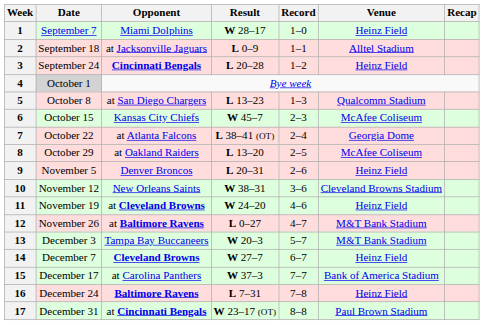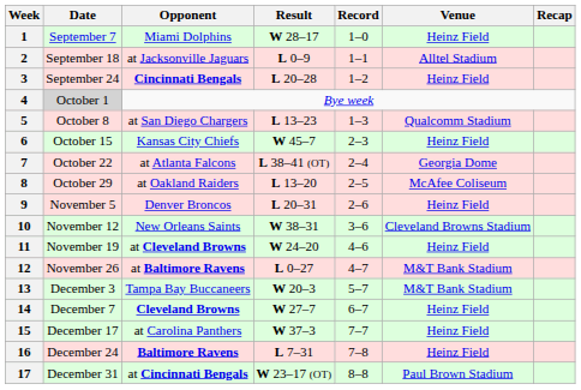 <table class="wikitable" style="text-align:center">
 <tr>
 <th>Week</th>
 <th>Date</th>
 <th>Opponent</th>
 <th>Result</th>
 <th>Record</th>
 <th>Venue</th>
 <th>Recap</th>
 </tr>
 <tr style="background: #ddffdd;">
 <th>1</th>
 <td><a href='#'>September 7</a></td>
 <td><a href='#'>Miami Dolphins</a></td>
 <td><strong>W</strong> 28–17</td>
 <td>1–0</td>
 <td><a href='#'>Heinz Field</a></td>
 <td></td>
 </tr>
 <tr style="background:#ffdddd;">
 <th>2</th>
 <td>September 18</td>
 <td>at <a href='#'>Jacksonville Jaguars</a></td>
 <td><strong>L</strong> 0–9</td>
 <td>1–1</td>
 <td><a href='#'>Alltel Stadium</a></td>
 <td></td>
 </tr>
 <tr style="background:#ffdddd;">
 <th>3</th>
 <td>September 24</td>
 <td><strong><a href='#'>Cincinnati Bengals</a></strong></td>
 <td><strong>L</strong> 20–28</td>
 <td>1–2</td>
 <td><a href='#'>Heinz Field</a></td>
 <td></td>
 </tr>
 <tr>
 <th>4</th>
 <td style="background: lightgrey;">October 1</td>
 <td colspan="7" align="center"><em><a href='#'>Bye week</a></em></td>
 </tr>
 <tr style="background:#ffdddd;">
 <th>5</th>
 <td>October 8</td>
 <td>at <a href='#'>San Diego Chargers</a></td>
 <td><strong>L</strong> 13–23</td>
 <td>1–3</td>
 <td><a href='#'>Qualcomm Stadium</a></td>
 <td></td>
 </tr>
 <tr style="background: #ddffdd;">
 <th>6</th>
 <td>October 15</td>
 <td><a href='#'>Kansas City Chiefs</a></td>
 <td><strong>W</strong> 45–7</td>
 <td>2–3</td>
-<td><a href='#'>McAfee Coliseum</a></td>
+<td><a href='#'>Heinz Field</a></td>
 <td></td>
 </tr>
 <tr style="background:#ffdddd;">
 <th>7</th>
 <td>October 22</td>
 <td>at <a href='#'>Atlanta Falcons</a></td>
 <td><strong>L</strong> 38–41 <small>(OT)</small></td>
 <td>2–4</td>
 <td><a href='#'>Georgia Dome</a></td>
 <td></td>
 </tr>
 <tr style="background:#ffdddd;">
 <th>8</th>
 <td>October 29</td>
 <td>at <a href='#'>Oakland Raiders</a></td>
 <td><strong>L</strong> 13–20</td>
 <td>2–5</td>
 <td><a href='#'>McAfee Coliseum</a></td>
 <td></td>
 </tr>
 <tr style="background:#ffdddd;">
 <th>9</th>
 <td>November 5</td>
 <td><a href='#'>Denver Broncos</a></td>
 <td><strong>L</strong> 20–31</td>
 <td>2–6</td>
 <td><a href='#'>Heinz Field</a></td>
 <td></td>
 </tr>
 <tr style="background: #ddffdd;">
 <th>10</th>
 <td>November 12</td>
 <td><a href='#'>New Orleans Saints</a></td>
 <td><strong>W</strong> 38–31</td>
 <td>3–6</td>
 <td><a href='#'>Cleveland Browns Stadium</a></td>
 <td></td>
 </tr>
 <tr style="background: #ddffdd;">
 <th>11</th>
 <td>November 19</td>
 <td>at <strong><a href='#'>Cleveland Browns</a></strong></td>
 <td><strong>W</strong> 24–20</td>
 <td>4–6</td>
 <td><a href='#'>Heinz Field</a></td>
 <td></td>
 </tr>
 <tr style="background:#ffdddd;">
 <th>12</th>
 <td>November 26</td>
 <td>at <strong><a href='#'>Baltimore Ravens</a></strong></td>
 <td><strong>L</strong> 0–27</td>
 <td>4–7</td>
 <td><a href='#'>M&T Bank Stadium</a></td>
 <td></td>
 </tr>
 <tr style="background: #ddffdd;">
 <th>13</th>
 <td>December 3</td>
 <td><a href='#'>Tampa Bay Buccaneers</a></td>
 <td><strong>W</strong> 20–3</td>
 <td>5–7</td>
 <td><a href='#'>M&T Bank Stadium</a></td>
 <td></td>
 </tr>
 <tr style="background: #ddffdd;">
 <th>14</th>
 <td>December 7</td>
 <td><strong><a href='#'>Cleveland Browns</a></strong></td>
 <td><strong>W</strong> 27–7</td>
 <td>6–7</td>
 <td><a href='#'>Heinz Field</a></td>
 <td></td>
 </tr>
 <tr style="background: #ddffdd;">
 <th>15</th>
 <td>December 17</td>
 <td>at <a href='#'>Carolina Panthers</a></td>
 <td><strong>W</strong> 37–3</td>
 <td>7–7</td>
-<td><a href='#'>Bank of America Stadium</a></td>
+<td><a href='#'>Heinz Field</a></td>
 <td></td>
 </tr>
 <tr style="background:#ffdddd;">
 <th>16</th>
 <td>December 24</td>
 <td><strong><a href='#'>Baltimore Ravens</a></strong></td>
 <td><strong>L</strong> 7–31</td>
 <td>7–8</td>
 <td><a href='#'>Heinz Field</a></td>
 <td></td>
 </tr>
 <tr style="background: #ddffdd;">
 <th>17</th>
 <td>December 31</td>
 <td>at <strong><a href='#'>Cincinnati Bengals</a></strong></td>
 <td><strong>W</strong> 23–17 <small>(OT)</small></td>
 <td>8–8</td>
 <td><a href='#'>Paul Brown Stadium</a></td>
 <td></td>
 </tr>
 </table>
